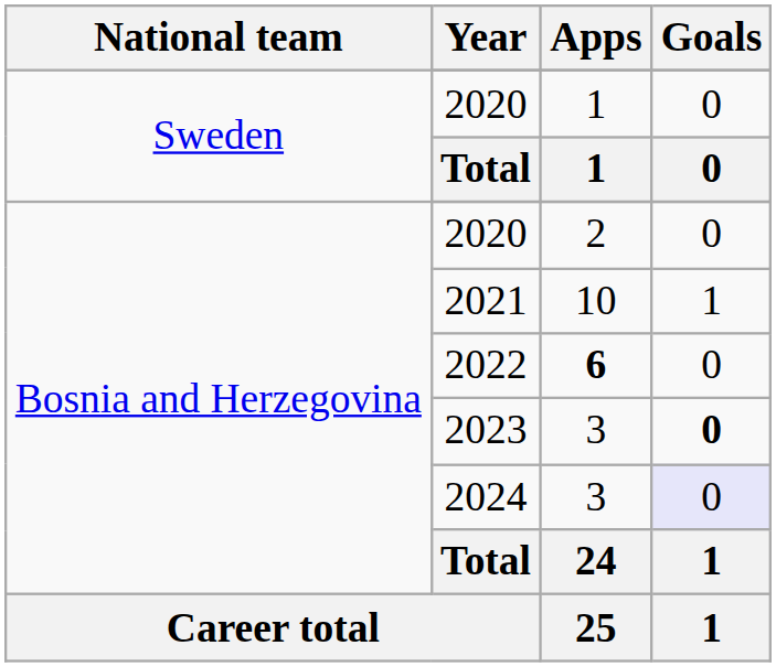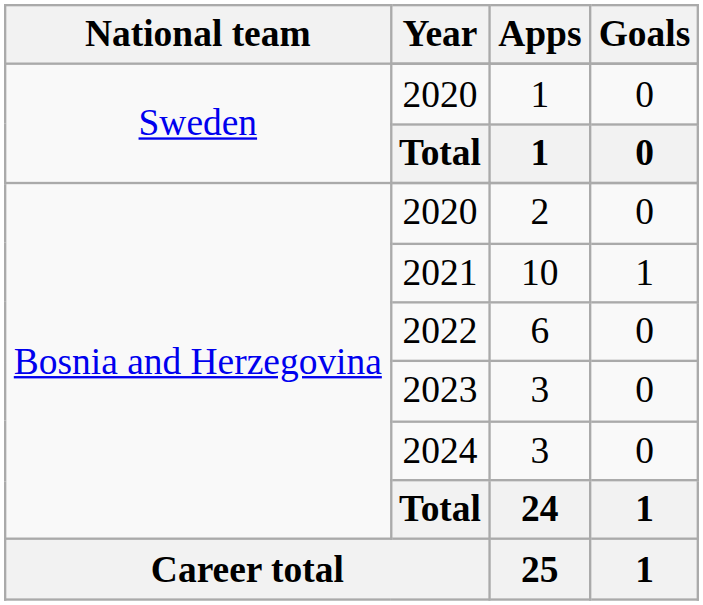 <table class="wikitable" style="text-align:center">
 <tr>
 <th>National team</th>
 <th>Year</th>
 <th>Apps</th>
 <th>Goals</th>
 </tr>
 <tr>
 <td rowspan=3><a href='#'>Sweden</a></td>
 </tr>
 <tr>
 <td>2020</td>
 <td>1</td>
 <td>0</td>
 </tr>
 <tr>
 <th>Total</th>
 <th>1</th>
 <th>0</th>
 </tr>
 <tr>
 <td rowspan=7><a href='#'>Bosnia and Herzegovina</a></td>
 </tr>
 <tr>
 <td>2020</td>
 <td>2</td>
 <td>0</td>
 </tr>
 <tr>
 <td>2021</td>
 <td>10</td>
 <td>1</td>
 </tr>
 <tr>
 <td>2022</td>
-<td><strong>6</strong></td>
+<td>6</td>
 <td>0</td>
 </tr>
 <tr>
 <td>2023</td>
 <td>3</td>
-<td><strong>0</strong></td>
+<td>0</td>
 </tr>
 <tr>
 <td>2024</td>
 <td>3</td>
-<td style="background: lavender;">0</td>
+<td>0</td>
 </tr>
 <tr>
 <th>Total</th>
 <th>24</th>
 <th>1</th>
 </tr>
 <tr>
 <th colspan=2>Career total</th>
 <th>25</th>
 <th>1</th>
 </tr>
 </table>
